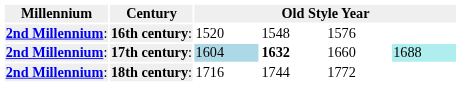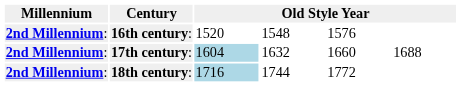 <table>
 <tr style="background-color:#efefef;">
 <th>Millennium</th>
 <th>Century</th>
 <th align="center" colspan="11">Old Style Year</th>
 </tr>
 <tr>
 <td style="background-color:#efefef;"><strong><a href='#'>2nd Millennium</a></strong>:</td>
 <td style="background-color:#efefef;"><strong>16th century</strong>:</td>
 <td width=70px>1520</td>
 <td width=70px>1548</td>
 <td width=70px>1576</td>
 <td width=70px> </td>
 </tr>
 <tr>
 <td style="background-color:#efefef;"><strong><a href='#'>2nd Millennium</a></strong>:</td>
 <td style="background-color:#efefef;"><strong>17th century</strong>:</td>
 <td width=70px style="background: lightblue;">1604</td>
-<td width=70px><strong>1632</strong></td>
+<td width=70px>1632</td>
 <td width=70px>1660</td>
-<td width=70px style="background: paleturquoise;">1688</td>
+<td width=70px>1688</td>
 </tr>
 <tr>
 <td style="background-color:#efefef;"><strong><a href='#'>2nd Millennium</a></strong>:</td>
 <td style="background-color:#efefef;"><strong>18th century</strong>:</td>
-<td width=70px>1716</td>
+<td width=70px style="background: lightblue;">1716</td>
 <td width=70px>1744</td>
 <td width=70px>1772</td>
 <td width=70px> </td>
 </tr>
 </table>
